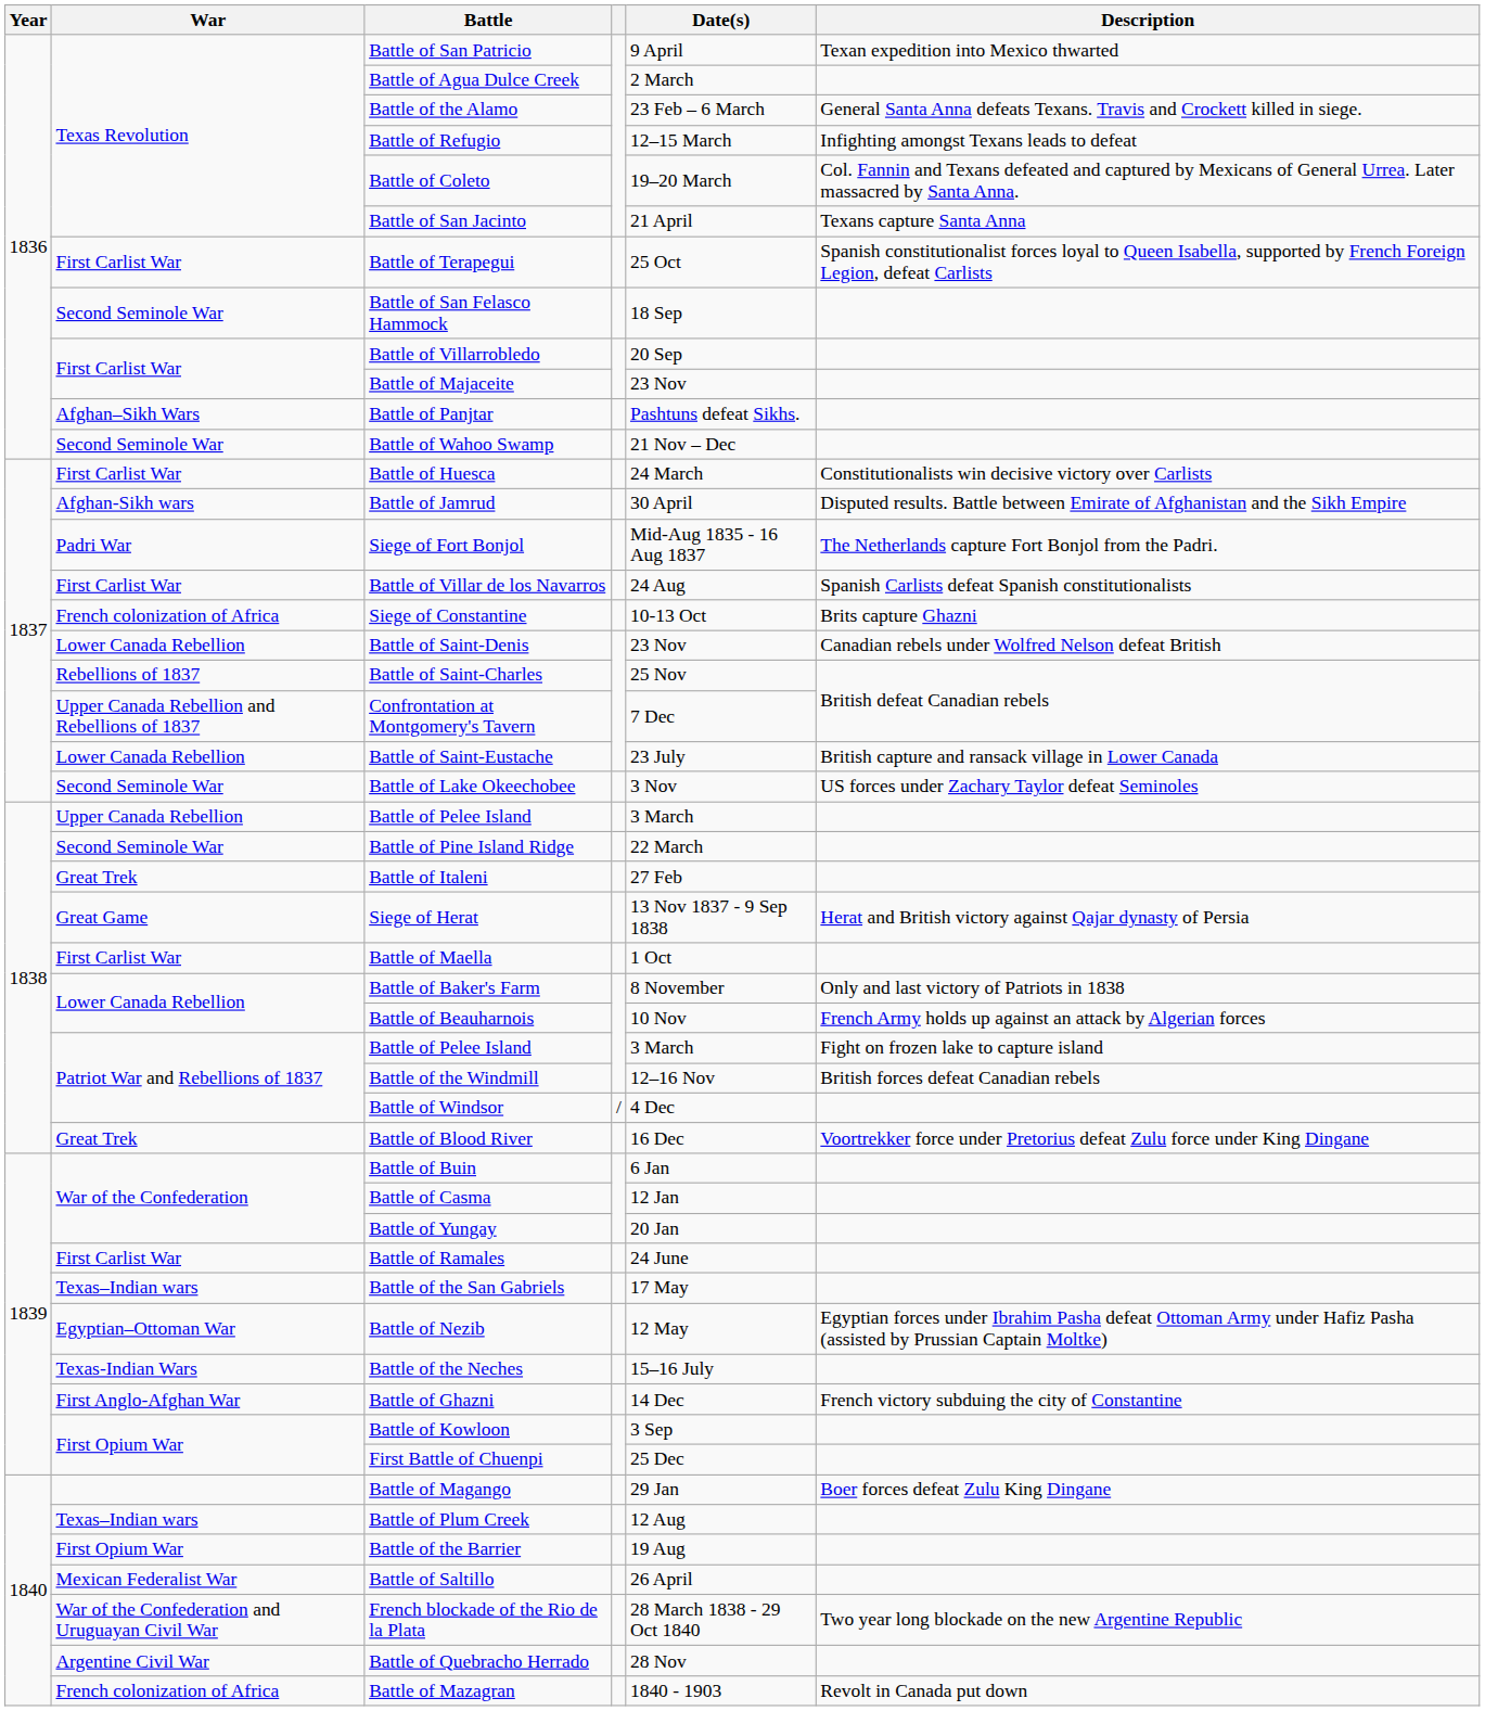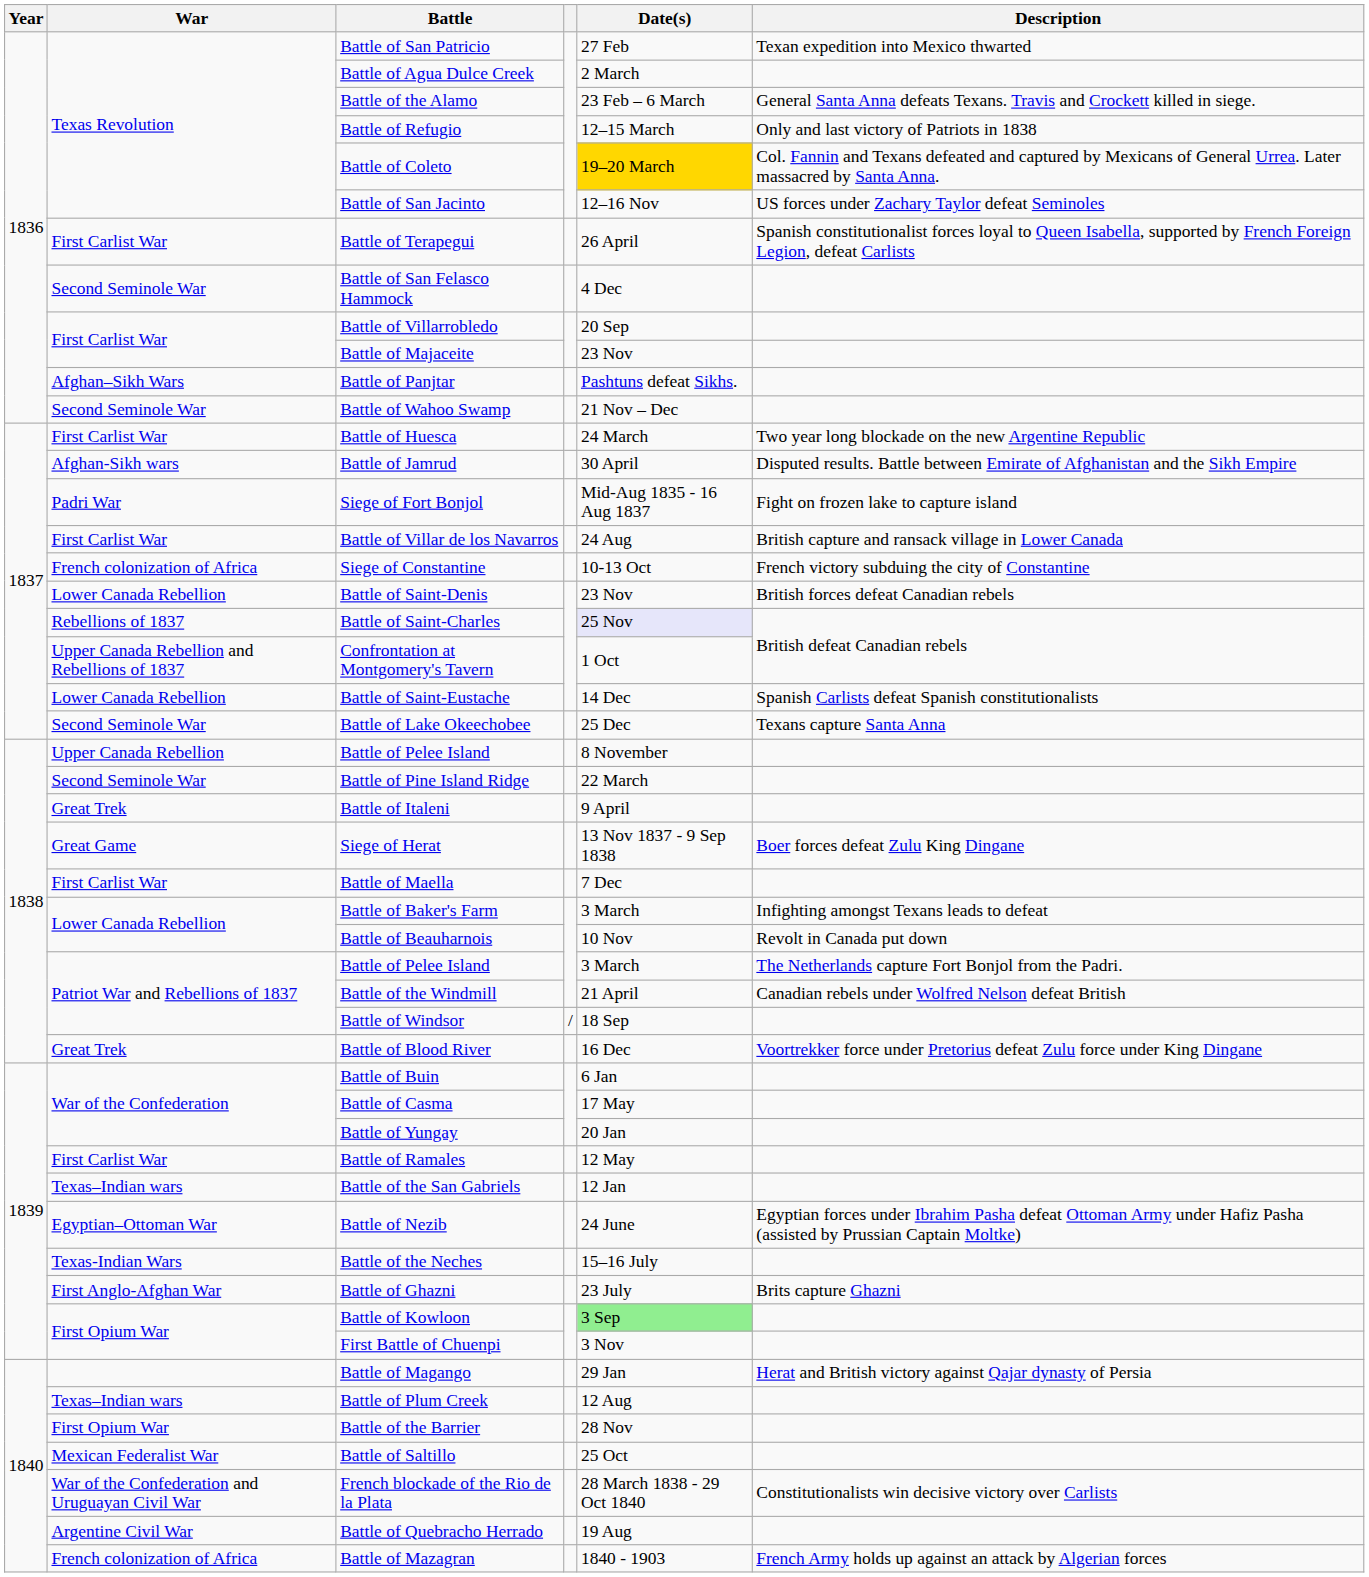 <table class="wikitable sortable">
 <tr>
 <th class="unsortable">Year</th>
 <th>War</th>
 <th class="unsortable">Battle</th>
 <th></th>
 <th>Date(s)</th>
 <th class="unsortable">Description</th>
 </tr>
 <tr>
 <td rowspan="12">1836</td>
 <td rowspan="6"><a href='#'>Texas Revolution</a></td>
 <td><a href='#'>Battle of San Patricio</a></td>
 <td rowspan="6"></td>
-<td>9 April</td>
+<td>27 Feb</td>
 <td>Texan expedition into Mexico thwarted</td>
 </tr>
 <tr>
 <td><a href='#'>Battle of Agua Dulce Creek</a></td>
 <td>2 March</td>
 <td></td>
 </tr>
 <tr>
 <td><a href='#'>Battle of the Alamo</a></td>
 <td>23 Feb – 6 March</td>
 <td>General <a href='#'>Santa Anna</a> defeats Texans. <a href='#'>Travis</a> and <a href='#'>Crockett</a> killed in siege.</td>
 </tr>
 <tr>
 <td><a href='#'>Battle of Refugio</a></td>
 <td>12–15 March</td>
-<td>Infighting amongst Texans leads to defeat</td>
+<td>Only and last victory of Patriots in 1838</td>
 </tr>
 <tr>
 <td><a href='#'>Battle of Coleto</a></td>
-<td>19–20 March</td>
+<td style="background: gold;">19–20 March</td>
 <td>Col. <a href='#'>Fannin</a> and Texans defeated and captured by Mexicans of General <a href='#'>Urrea</a>. Later massacred by <a href='#'>Santa Anna</a>.</td>
 </tr>
 <tr>
 <td><a href='#'>Battle of San Jacinto</a></td>
-<td>21 April</td>
-<td>Texans capture <a href='#'>Santa Anna</a></td>
+<td>12–16 Nov</td>
+<td>US forces under <a href='#'>Zachary Taylor</a> defeat <a href='#'>Seminoles</a></td>
 </tr>
 <tr>
 <td><a href='#'>First Carlist War</a></td>
 <td><a href='#'>Battle of Terapegui</a></td>
 <td></td>
-<td>25 Oct</td>
+<td>26 April</td>
 <td>Spanish constitutionalist forces loyal to <a href='#'>Queen Isabella</a>, supported by <a href='#'>French Foreign Legion</a>, defeat <a href='#'>Carlists</a></td>
 </tr>
 <tr>
 <td><a href='#'>Second Seminole War</a></td>
 <td><a href='#'>Battle of San Felasco Hammock</a></td>
 <td></td>
-<td>18 Sep</td>
+<td>4 Dec</td>
 <td></td>
 </tr>
 <tr>
 <td rowspan="2"><a href='#'>First Carlist War</a></td>
 <td><a href='#'>Battle of Villarrobledo</a></td>
 <td rowspan="2"></td>
 <td>20 Sep</td>
 <td></td>
 </tr>
 <tr>
 <td><a href='#'>Battle of Majaceite</a></td>
 <td>23 Nov</td>
 <td></td>
 </tr>
 <tr>
 <td><a href='#'>Afghan–Sikh Wars</a></td>
 <td><a href='#'>Battle of Panjtar</a></td>
 <td></td>
 <td><a href='#'>Pashtuns</a> defeat <a href='#'>Sikhs</a>.</td>
 </tr>
 <tr>
 <td><a href='#'>Second Seminole War</a></td>
 <td><a href='#'>Battle of Wahoo Swamp</a></td>
 <td></td>
 <td>21 Nov – Dec</td>
 <td></td>
 </tr>
 <tr>
 <td rowspan="10">1837</td>
 <td><a href='#'>First Carlist War</a></td>
 <td><a href='#'>Battle of Huesca</a></td>
 <td></td>
 <td>24 March</td>
-<td>Constitutionalists win decisive victory over <a href='#'>Carlists</a></td>
+<td>Two year long blockade on the new <a href='#'>Argentine Republic</a></td>
 </tr>
 <tr>
 <td><a href='#'>Afghan-Sikh wars</a></td>
 <td><a href='#'>Battle of Jamrud</a></td>
 <td></td>
 <td>30 April</td>
 <td>Disputed results. Battle between <a href='#'>Emirate of Afghanistan</a> and the <a href='#'>Sikh Empire</a></td>
 </tr>
 <tr>
 <td><a href='#'>Padri War</a></td>
 <td><a href='#'>Siege of Fort Bonjol</a></td>
 <td></td>
 <td>Mid-Aug 1835 - 16 Aug 1837</td>
-<td><a href='#'>The Netherlands</a> capture Fort Bonjol from the Padri.</td>
+<td>Fight on frozen lake to capture island</td>
 </tr>
 <tr>
 <td><a href='#'>First Carlist War</a></td>
 <td><a href='#'>Battle of Villar de los Navarros</a></td>
 <td></td>
 <td>24 Aug</td>
-<td>Spanish <a href='#'>Carlists</a> defeat Spanish constitutionalists</td>
+<td>British capture and ransack village in <a href='#'>Lower Canada</a></td>
 </tr>
 <tr>
 <td><a href='#'>French colonization of Africa</a></td>
 <td><a href='#'>Siege of Constantine</a></td>
 <td></td>
 <td>10-13 Oct</td>
-<td>Brits capture <a href='#'>Ghazni</a></td>
+<td>French victory subduing the city of <a href='#'>Constantine</a></td>
 </tr>
 <tr>
 <td><a href='#'>Lower Canada Rebellion</a></td>
 <td><a href='#'>Battle of Saint-Denis</a></td>
 <td rowspan="4"></td>
 <td>23 Nov</td>
-<td>Canadian rebels under <a href='#'>Wolfred Nelson</a> defeat British</td>
+<td>British forces defeat Canadian rebels</td>
 </tr>
 <tr>
 <td><a href='#'>Rebellions of 1837</a></td>
 <td><a href='#'>Battle of Saint-Charles</a></td>
-<td>25 Nov</td>
+<td style="background: lavender;">25 Nov</td>
 <td rowspan="2">British defeat Canadian rebels</td>
 </tr>
 <tr>
 <td><a href='#'>Upper Canada Rebellion</a> and <a href='#'>Rebellions of 1837</a></td>
 <td><a href='#'>Confrontation at Montgomery's Tavern</a></td>
-<td>7 Dec</td>
+<td>1 Oct</td>
 </tr>
 <tr>
 <td><a href='#'>Lower Canada Rebellion</a></td>
 <td><a href='#'>Battle of Saint-Eustache</a></td>
-<td>23 July</td>
-<td>British capture and ransack village in <a href='#'>Lower Canada</a></td>
+<td>14 Dec</td>
+<td>Spanish <a href='#'>Carlists</a> defeat Spanish constitutionalists</td>
 </tr>
 <tr>
 <td><a href='#'>Second Seminole War</a></td>
 <td><a href='#'>Battle of Lake Okeechobee</a></td>
 <td></td>
-<td>3 Nov</td>
-<td>US forces under <a href='#'>Zachary Taylor</a> defeat <a href='#'>Seminoles</a></td>
+<td>25 Dec</td>
+<td>Texans capture <a href='#'>Santa Anna</a></td>
 </tr>
 <tr>
 <td rowspan="11">1838</td>
 <td><a href='#'>Upper Canada Rebellion</a></td>
 <td><a href='#'>Battle of Pelee Island</a></td>
 <td></td>
-<td>3 March</td>
+<td>8 November</td>
 <td></td>
 </tr>
 <tr>
 <td><a href='#'>Second Seminole War</a></td>
 <td><a href='#'>Battle of Pine Island Ridge</a></td>
 <td></td>
 <td>22 March</td>
 <td></td>
 </tr>
 <tr>
 <td><a href='#'>Great Trek</a></td>
 <td><a href='#'>Battle of Italeni</a></td>
 <td></td>
-<td>27 Feb</td>
+<td>9 April</td>
 <td></td>
 </tr>
 <tr>
 <td><a href='#'>Great Game</a></td>
 <td><a href='#'>Siege of Herat</a></td>
 <td></td>
 <td>13 Nov 1837 - 9 Sep 1838</td>
-<td><a href='#'>Herat</a> and British victory against <a href='#'>Qajar dynasty</a> of Persia</td>
+<td><a href='#'>Boer</a> forces defeat <a href='#'>Zulu</a> King <a href='#'>Dingane</a></td>
 </tr>
 <tr>
 <td><a href='#'>First Carlist War</a></td>
 <td><a href='#'>Battle of Maella</a></td>
 <td></td>
-<td>1 Oct</td>
+<td>7 Dec</td>
 <td></td>
 </tr>
 <tr>
 <td rowspan="2"><a href='#'>Lower Canada Rebellion</a></td>
 <td><a href='#'>Battle of Baker's Farm</a></td>
 <td rowspan="4"></td>
-<td>8 November</td>
-<td>Only and last victory of Patriots in 1838</td>
+<td>3 March</td>
+<td>Infighting amongst Texans leads to defeat</td>
 </tr>
 <tr>
 <td><a href='#'>Battle of Beauharnois</a></td>
 <td>10 Nov</td>
-<td><a href='#'>French Army</a> holds up against an attack by <a href='#'>Algerian</a> forces</td>
+<td>Revolt in Canada put down</td>
 </tr>
 <tr>
 <td rowspan="3"><a href='#'>Patriot War</a> and <a href='#'>Rebellions of 1837</a></td>
 <td><a href='#'>Battle of Pelee Island</a></td>
 <td>3 March</td>
-<td>Fight on frozen lake to capture island</td>
+<td><a href='#'>The Netherlands</a> capture Fort Bonjol from the Padri.</td>
 </tr>
 <tr>
 <td><a href='#'>Battle of the Windmill</a></td>
-<td>12–16 Nov</td>
-<td>British forces defeat Canadian rebels</td>
+<td>21 April</td>
+<td>Canadian rebels under <a href='#'>Wolfred Nelson</a> defeat British</td>
 </tr>
 <tr>
 <td><a href='#'>Battle of Windsor</a></td>
 <td> / </td>
-<td>4 Dec</td>
+<td>18 Sep</td>
 <td></td>
 </tr>
 <tr>
 <td><a href='#'>Great Trek</a></td>
 <td><a href='#'>Battle of Blood River</a></td>
 <td></td>
 <td>16 Dec</td>
 <td><a href='#'>Voortrekker</a> force under <a href='#'>Pretorius</a> defeat <a href='#'>Zulu</a> force under King <a href='#'>Dingane</a></td>
 </tr>
 <tr>
 <td rowspan="10">1839</td>
 <td rowspan="3"><a href='#'>War of the Confederation</a></td>
 <td><a href='#'>Battle of Buin</a></td>
 <td rowspan="3"></td>
 <td>6 Jan</td>
 <td></td>
 </tr>
 <tr>
 <td><a href='#'>Battle of Casma</a></td>
-<td>12 Jan</td>
+<td>17 May</td>
 <td></td>
 </tr>
 <tr>
 <td><a href='#'>Battle of Yungay</a></td>
 <td>20 Jan</td>
 <td></td>
 </tr>
 <tr>
 <td><a href='#'>First Carlist War</a></td>
 <td><a href='#'>Battle of Ramales</a></td>
 <td></td>
-<td>24 June</td>
+<td>12 May</td>
 <td></td>
 </tr>
 <tr>
 <td><a href='#'>Texas–Indian wars</a></td>
 <td><a href='#'>Battle of the San Gabriels</a></td>
 <td></td>
-<td>17 May</td>
+<td>12 Jan</td>
 <td></td>
 </tr>
 <tr>
 <td><a href='#'>Egyptian–Ottoman War</a></td>
 <td><a href='#'>Battle of Nezib</a></td>
 <td></td>
-<td>12 May</td>
+<td>24 June</td>
 <td>Egyptian forces under <a href='#'>Ibrahim Pasha</a> defeat <a href='#'>Ottoman Army</a> under Hafiz Pasha (assisted by Prussian Captain <a href='#'>Moltke</a>)</td>
 </tr>
 <tr>
 <td><a href='#'>Texas-Indian Wars</a></td>
 <td><a href='#'>Battle of the Neches</a></td>
 <td></td>
 <td>15–16 July</td>
 <td></td>
 </tr>
 <tr>
 <td><a href='#'>First Anglo-Afghan War</a></td>
 <td><a href='#'>Battle of Ghazni</a></td>
 <td></td>
-<td>14 Dec</td>
-<td>French victory subduing the city of <a href='#'>Constantine</a></td>
+<td>23 July</td>
+<td>Brits capture <a href='#'>Ghazni</a></td>
 </tr>
 <tr>
 <td rowspan="2"><a href='#'>First Opium War</a></td>
 <td><a href='#'>Battle of Kowloon</a></td>
 <td rowspan="2"></td>
-<td>3 Sep</td>
+<td style="background: lightgreen;">3 Sep</td>
 <td></td>
 </tr>
 <tr>
 <td><a href='#'>First Battle of Chuenpi</a></td>
-<td>25 Dec</td>
+<td>3 Nov</td>
 <td></td>
 </tr>
 <tr>
 <td rowspan="7">1840</td>
 <td></td>
 <td><a href='#'>Battle of Magango</a></td>
 <td></td>
 <td>29 Jan</td>
-<td><a href='#'>Boer</a> forces defeat <a href='#'>Zulu</a> King <a href='#'>Dingane</a></td>
+<td><a href='#'>Herat</a> and British victory against <a href='#'>Qajar dynasty</a> of Persia</td>
 </tr>
 <tr>
 <td><a href='#'>Texas–Indian wars</a></td>
 <td><a href='#'>Battle of Plum Creek</a></td>
 <td></td>
 <td>12 Aug</td>
 <td></td>
 </tr>
 <tr>
 <td><a href='#'>First Opium War</a></td>
 <td><a href='#'>Battle of the Barrier</a></td>
 <td></td>
-<td>19 Aug</td>
+<td>28 Nov</td>
 <td></td>
 </tr>
 <tr>
 <td><a href='#'>Mexican Federalist War</a></td>
 <td><a href='#'>Battle of Saltillo</a></td>
 <td></td>
-<td>26 April</td>
+<td>25 Oct</td>
 <td></td>
 </tr>
 <tr>
 <td><a href='#'>War of the Confederation</a> and <a href='#'>Uruguayan Civil War</a></td>
 <td><a href='#'>French blockade of the Rio de la Plata</a></td>
 <td></td>
 <td>28 March 1838 - 29 Oct 1840</td>
-<td>Two year long blockade on the new <a href='#'>Argentine Republic</a></td>
+<td>Constitutionalists win decisive victory over <a href='#'>Carlists</a></td>
 </tr>
 <tr>
 <td><a href='#'>Argentine Civil War</a></td>
 <td><a href='#'>Battle of Quebracho Herrado</a></td>
 <td></td>
-<td>28 Nov</td>
+<td>19 Aug</td>
 <td></td>
 </tr>
 <tr>
 <td><a href='#'>French colonization of Africa</a></td>
 <td><a href='#'>Battle of Mazagran</a></td>
 <td></td>
 <td>1840 - 1903</td>
-<td>Revolt in Canada put down</td>
+<td><a href='#'>French Army</a> holds up against an attack by <a href='#'>Algerian</a> forces</td>
 </tr>
 </table>
